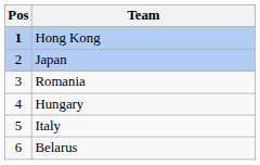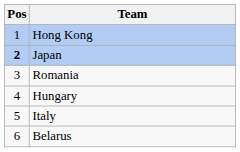 <table class="wikitable" style="font-size: 100%">
 <tr>
 <th width=15>Pos</th>
 <th width=250>Team</th>
 </tr>
 <tr align=center style="background: #b2ccf4;">
-<td><strong>1</strong></td>
+<td>1</td>
 <td align="left"> Hong Kong</td>
 </tr>
 <tr align=center style="background: #b2ccf4;">
-<td>2</td>
+<td><strong>2</strong></td>
 <td align="left"> Japan</td>
 </tr>
 <tr align=center>
 <td>3</td>
 <td align="left"> Romania</td>
 </tr>
 <tr align=center>
 <td>4</td>
 <td align="left"> Hungary</td>
 </tr>
 <tr align=center>
 <td>5</td>
 <td align="left"> Italy</td>
 </tr>
 <tr align=center>
 <td>6</td>
 <td align="left"> Belarus</td>
 </tr>
 </table>
